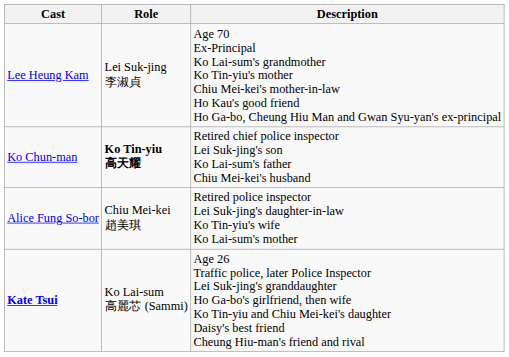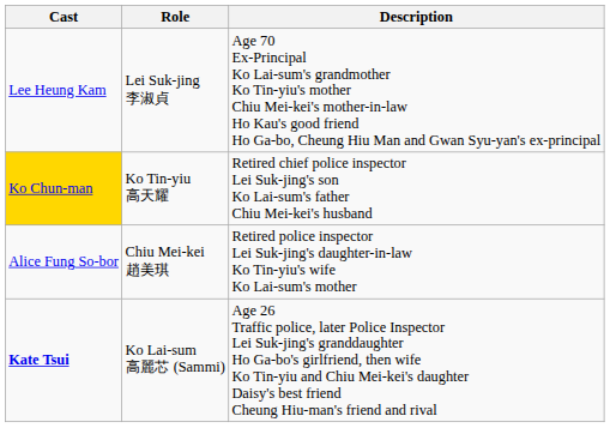 <table class="wikitable">
 <tr>
 <th>Cast</th>
 <th>Role</th>
 <th>Description</th>
 </tr>
 <tr>
 <td><a href='#'>Lee Heung Kam</a></td>
 <td>Lei Suk-jing <br> 李淑貞</td>
 <td>Age 70<br>Ex-Principal <br> Ko Lai-sum's grandmother <br> Ko Tin-yiu's mother <br> Chiu Mei-kei's mother-in-law <br> Ho Kau's good friend <br> Ho Ga-bo, Cheung Hiu Man and Gwan Syu-yan's ex-principal</td>
 </tr>
 <tr>
-<td><a href='#'>Ko Chun-man</a></td>
-<td><strong>Ko Tin-yiu <br> 高天耀</strong></td>
+<td style="background: gold;"><a href='#'>Ko Chun-man</a></td>
+<td>Ko Tin-yiu <br> 高天耀</td>
 <td>Retired chief police inspector <br> Lei Suk-jing's son <br> Ko Lai-sum's father <br> Chiu Mei-kei's husband</td>
 </tr>
 <tr>
 <td><a href='#'>Alice Fung So-bor</a></td>
 <td>Chiu Mei-kei <br> 趙美琪</td>
 <td>Retired police inspector <br> Lei Suk-jing's daughter-in-law <br> Ko Tin-yiu's wife <br> Ko Lai-sum's mother</td>
 </tr>
 <tr>
 <td><strong><a href='#'>Kate Tsui</a></strong></td>
 <td>Ko Lai-sum <br> 高麗芯 (Sammi)</td>
 <td>Age 26<br>Traffic police, later Police Inspector <br> Lei Suk-jing's granddaughter <br> Ho Ga-bo's girlfriend, then wife <br> Ko Tin-yiu and Chiu Mei-kei's daughter <br> Daisy's best friend <br> Cheung Hiu-man's friend and rival</td>
 </tr>
 </table>
